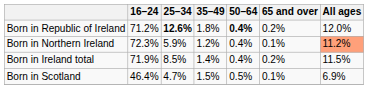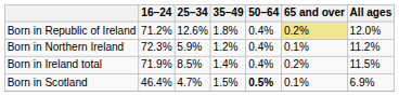 <table class="wikitable">
 <tr>
 <th></th>
 <th>16–24</th>
 <th>25–34</th>
 <th>35–49</th>
 <th>50–64</th>
 <th>65 and over</th>
 <th>All ages</th>
 </tr>
 <tr>
 <td>Born in Republic of Ireland</td>
 <td>71.2%</td>
-<td><strong>12.6%</strong></td>
+<td>12.6%</td>
 <td>1.8%</td>
-<td><strong>0.4%</strong></td>
-<td>0.2%</td>
+<td>0.4%</td>
+<td style="background: khaki;">0.2%</td>
 <td>12.0%</td>
 </tr>
 <tr>
 <td>Born in Northern Ireland</td>
 <td>72.3%</td>
 <td>5.9%</td>
 <td>1.2%</td>
 <td>0.4%</td>
 <td>0.1%</td>
-<td style="background: lightsalmon;">11.2%</td>
+<td>11.2%</td>
 </tr>
 <tr>
 <td>Born in Ireland total</td>
 <td>71.9%</td>
 <td>8.5%</td>
 <td>1.4%</td>
 <td>0.4%</td>
 <td>0.2%</td>
 <td>11.5%</td>
 </tr>
 <tr>
 <td>Born in Scotland</td>
 <td>46.4%</td>
 <td>4.7%</td>
 <td>1.5%</td>
-<td>0.5%</td>
+<td><strong>0.5%</strong></td>
 <td>0.1%</td>
 <td>6.9%</td>
 </tr>
 <tr>
 </tr>
 </table>
